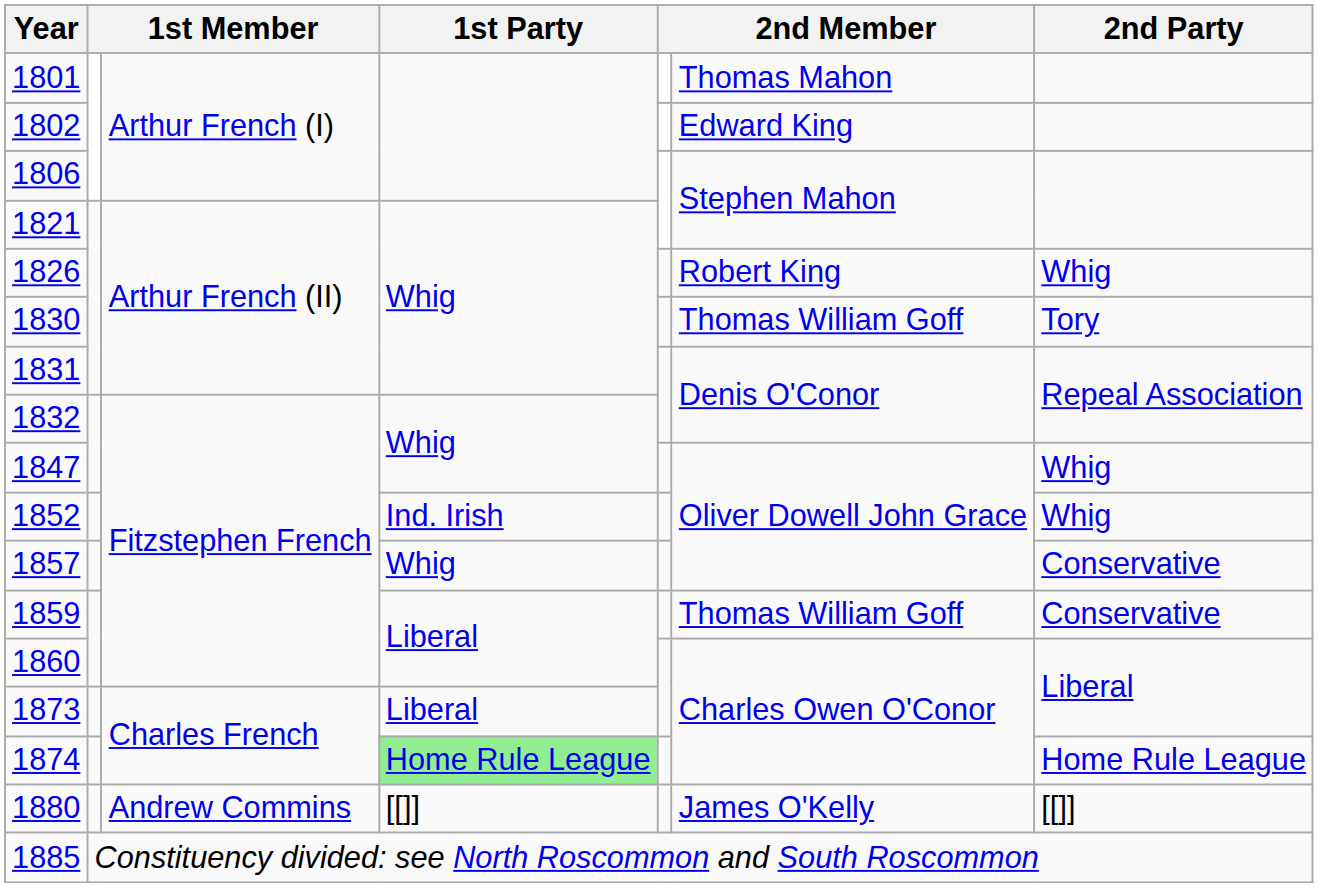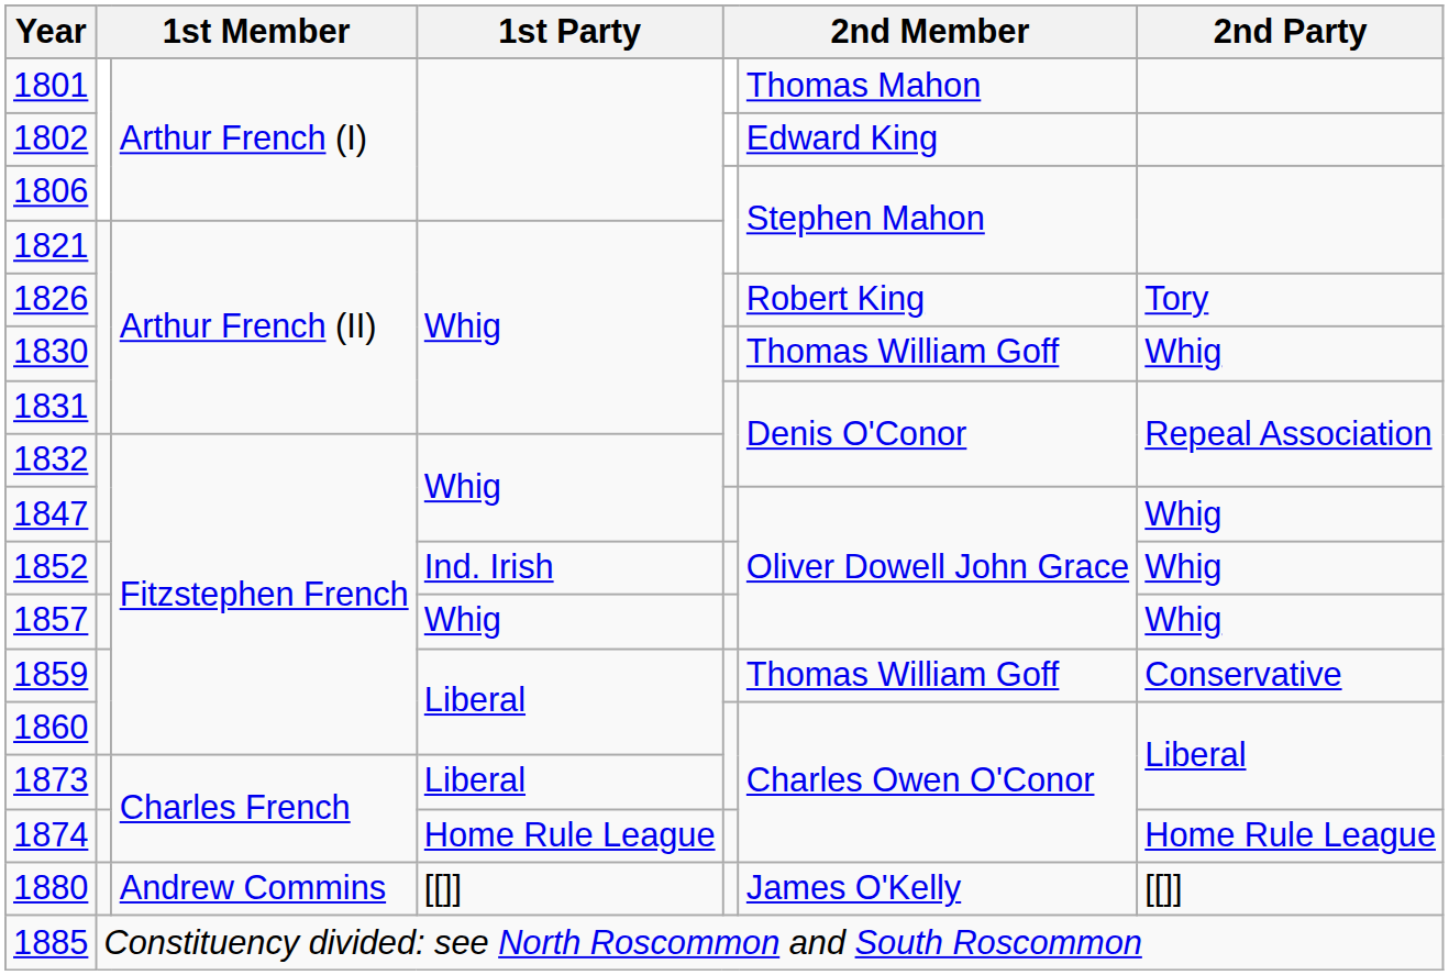 <table class="wikitable">
 <tr>
 <th>Year</th>
 <th colspan="2">1st Member</th>
 <th>1st Party</th>
 <th colspan="2">2nd Member</th>
 <th>2nd Party</th>
 </tr>
 <tr>
 <td><a href='#'>1801</a></td>
 <td rowspan="3" style="color:inherit;background-color: white"></td>
 <td rowspan="3"><a href='#'>Arthur French</a> (I)	</td>
 <td rowspan="3"></td>
 <td style="color:inherit;background-color: white"></td>
 <td><a href='#'>Thomas Mahon</a></td>
 <td></td>
 </tr>
 <tr>
 <td><a href='#'>1802</a></td>
 <td style="color:inherit;background-color: white"></td>
 <td><a href='#'>Edward King</a></td>
 <td></td>
 </tr>
 <tr>
 <td><a href='#'>1806</a></td>
 <td rowspan="2" style="color:inherit;background-color: white"></td>
 <td rowspan="2"><a href='#'>Stephen Mahon</a></td>
 <td rowspan="2"></td>
 </tr>
 <tr>
 <td><a href='#'>1821</a></td>
 <td rowspan="4" style="color:inherit;background-color: "></td>
 <td rowspan="4"><a href='#'>Arthur French</a> (II)</td>
 <td rowspan="4"><a href='#'>Whig</a></td>
 </tr>
 <tr>
 <td><a href='#'>1826</a></td>
 <td style="color:inherit;background-color: "></td>
 <td><a href='#'>Robert King</a></td>
-<td><a href='#'>Whig</a></td>
+<td><a href='#'>Tory</a></td>
 </tr>
 <tr>
 <td><a href='#'>1830</a></td>
 <td style="color:inherit;background-color: "></td>
 <td><a href='#'>Thomas William Goff</a></td>
-<td><a href='#'>Tory</a></td>
+<td><a href='#'>Whig</a></td>
 </tr>
 <tr>
 <td><a href='#'>1831</a></td>
 <td rowspan="2" style="color:inherit;background-color: "></td>
 <td rowspan="2"><a href='#'>Denis O'Conor</a></td>
 <td rowspan="2"><a href='#'>Repeal Association</a></td>
 </tr>
 <tr>
 <td><a href='#'>1832</a></td>
 <td rowspan="2" style="color:inherit;background-color: "></td>
 <td rowspan="6"><a href='#'>Fitzstephen French</a></td>
 <td rowspan="2"><a href='#'>Whig</a></td>
 </tr>
 <tr>
 <td><a href='#'>1847</a></td>
 <td style="color:inherit;background-color: "></td>
 <td rowspan="3"><a href='#'>Oliver Dowell John Grace</a></td>
 <td><a href='#'>Whig</a></td>
 </tr>
 <tr>
 <td><a href='#'>1852</a></td>
 <td style="color:inherit;background-color: "></td>
 <td><a href='#'>Ind. Irish</a></td>
 <td style="color:inherit;background-color: "></td>
 <td><a href='#'>Whig</a></td>
 </tr>
 <tr>
 <td><a href='#'>1857</a></td>
 <td style="color:inherit;background-color: "></td>
 <td><a href='#'>Whig</a></td>
 <td style="color:inherit;background-color: "></td>
-<td><a href='#'>Conservative</a></td>
+<td><a href='#'>Whig</a></td>
 </tr>
 <tr>
 <td><a href='#'>1859</a></td>
 <td rowspan="2" style="color:inherit;background-color: "></td>
 <td rowspan="2"><a href='#'>Liberal</a></td>
 <td style="color:inherit;background-color: "></td>
 <td><a href='#'>Thomas William Goff</a></td>
 <td><a href='#'>Conservative</a></td>
 </tr>
 <tr>
 <td><a href='#'>1860</a></td>
 <td rowspan="2" style="color:inherit;background-color: "></td>
 <td rowspan="3"><a href='#'>Charles Owen O'Conor</a></td>
 <td rowspan="2"><a href='#'>Liberal</a></td>
 </tr>
 <tr>
 <td><a href='#'>1873</a></td>
 <td style="color:inherit;background-color: "></td>
 <td rowspan="2"><a href='#'>Charles French</a></td>
 <td><a href='#'>Liberal</a></td>
 </tr>
 <tr>
 <td><a href='#'>1874</a></td>
 <td style="color:inherit;background-color: "></td>
-<td style="background: lightgreen;"><a href='#'>Home Rule League</a></td>
+<td><a href='#'>Home Rule League</a></td>
 <td style="color:inherit;background-color: "></td>
 <td><a href='#'>Home Rule League</a></td>
 </tr>
 <tr>
 <td><a href='#'>1880</a></td>
 <td style="color:inherit;background-color: "></td>
 <td><a href='#'>Andrew Commins</a></td>
 <td>[[]]</td>
 <td style="color:inherit;background-color: "></td>
 <td><a href='#'>James O'Kelly</a></td>
 <td>[[]]</td>
 </tr>
 <tr>
 <td><a href='#'>1885</a></td>
 <td colspan="6"><em>Constituency divided: see <a href='#'>North Roscommon</a> and <a href='#'>South Roscommon</a></em></td>
 </tr>
 </table>
